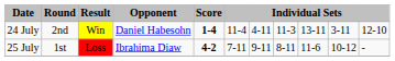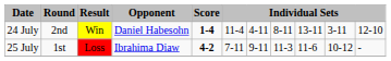 <table class="wikitable">
 <tr>
 <td bgcolor="silver" align="center" valign="middle"><strong>Date</strong></td>
 <td bgcolor="silver" align="center" valign="middle"><strong>Round</strong></td>
 <td bgcolor="silver" align="center" valign="middle"><strong>Result</strong></td>
 <td bgcolor="silver" align="center" valign="middle"><strong>Opponent</strong></td>
 <td bgcolor="silver" align="center" valign="middle"><strong>Score</strong></td>
 <td bgcolor="silver" align="center" valign="middle" colspan ="7"><strong>Individual Sets</strong></td>
 </tr>
 <tr>
 <td align="center">24 July</td>
 <td align="center">2nd</td>
 <td bgcolor="yellow" align="center">Win</td>
 <td> <a href='#'>Daniel Habesohn</a></td>
 <td align="center"><strong>1-4</strong></td>
 <td>11-4</td>
 <td>4-11</td>
-<td>11-3</td>
+<td>8-11</td>
 <td>13-11</td>
 <td>3-11</td>
 <td>12-10</td>
 </tr>
 <tr>
 <td align="center">25 July</td>
 <td align="center">1st</td>
 <td bgcolor="red" align="center">Loss</td>
 <td> <a href='#'>Ibrahima Diaw</a></td>
 <td align="center"><strong>4-2</strong></td>
 <td>7-11</td>
 <td>9-11</td>
-<td>8-11</td>
+<td>11-3</td>
 <td>11-6</td>
 <td>10-12</td>
 <td>-</td>
 </tr>
 <tr>
 </tr>
 </table>
